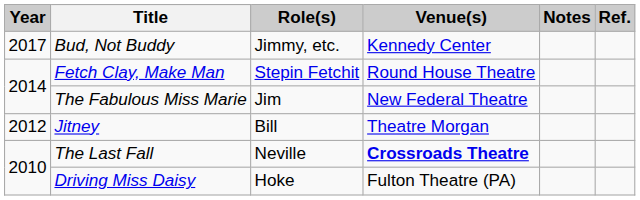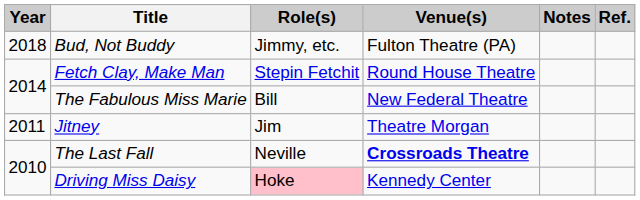 <table class="wikitable">
 <tr style="text-align:center;">
 <th style="background:#ccc;">Year</th>
 <th style="bacekground:#ccc;">Title</th>
 <th style="background:#ccc;">Role(s)</th>
 <th style="background:#ccc;">Venue(s)</th>
 <th style="background:#ccc;">Notes</th>
 <th style="background:#ccc;">Ref.</th>
 </tr>
 <tr>
-<td>2017</td>
+<td>2018</td>
 <td><em>Bud, Not Buddy</em></td>
 <td>Jimmy, etc.</td>
-<td><a href='#'>Kennedy Center</a></td>
+<td>Fulton Theatre (PA)</td>
 <td></td>
 <td></td>
 </tr>
 <tr>
 <td rowspan=2>2014</td>
 <td><em><a href='#'>Fetch Clay, Make Man</a></em></td>
 <td><a href='#'>Stepin Fetchit</a></td>
 <td><a href='#'>Round House Theatre</a></td>
 <td></td>
 <td></td>
 </tr>
 <tr>
 <td><em>The Fabulous Miss Marie</em></td>
-<td>Jim</td>
+<td>Bill</td>
 <td><a href='#'>New Federal Theatre</a></td>
 <td></td>
 <td></td>
 </tr>
 <tr>
-<td>2012</td>
+<td>2011</td>
 <td><em><a href='#'>Jitney</a></em></td>
-<td>Bill</td>
+<td>Jim</td>
 <td><a href='#'>Theatre Morgan</a></td>
 <td></td>
 <td></td>
 </tr>
 <tr>
 <td rowspan=2>2010</td>
 <td><em>The Last Fall</em></td>
 <td>Neville</td>
 <td><strong><a href='#'>Crossroads Theatre</a></strong></td>
 <td></td>
 <td></td>
 </tr>
 <tr>
 <td><em><a href='#'>Driving Miss Daisy</a></em></td>
-<td>Hoke</td>
-<td>Fulton Theatre (PA)</td>
+<td style="background: pink;">Hoke</td>
+<td><a href='#'>Kennedy Center</a></td>
 <td></td>
 <td></td>
 </tr>
 </table>
